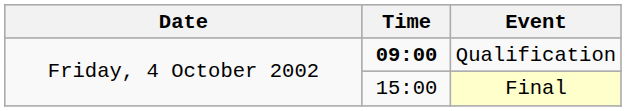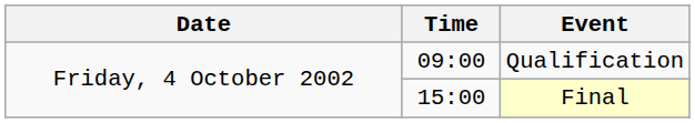 <table class = "wikitable" style="text-align:center;">
 <tr>
 <th width=220>Date</th>
 <th width=50>Time</th>
 <th width=100>Event</th>
 </tr>
 <tr>
 <td rowspan=2>Friday, 4 October 2002</td>
-<td><strong>09:00</strong></td>
+<td>09:00</td>
 <td>Qualification</td>
 </tr>
 <tr>
 <td>15:00</td>
 <td bgcolor=ffffcc>Final</td>
 </tr>
 </table>
